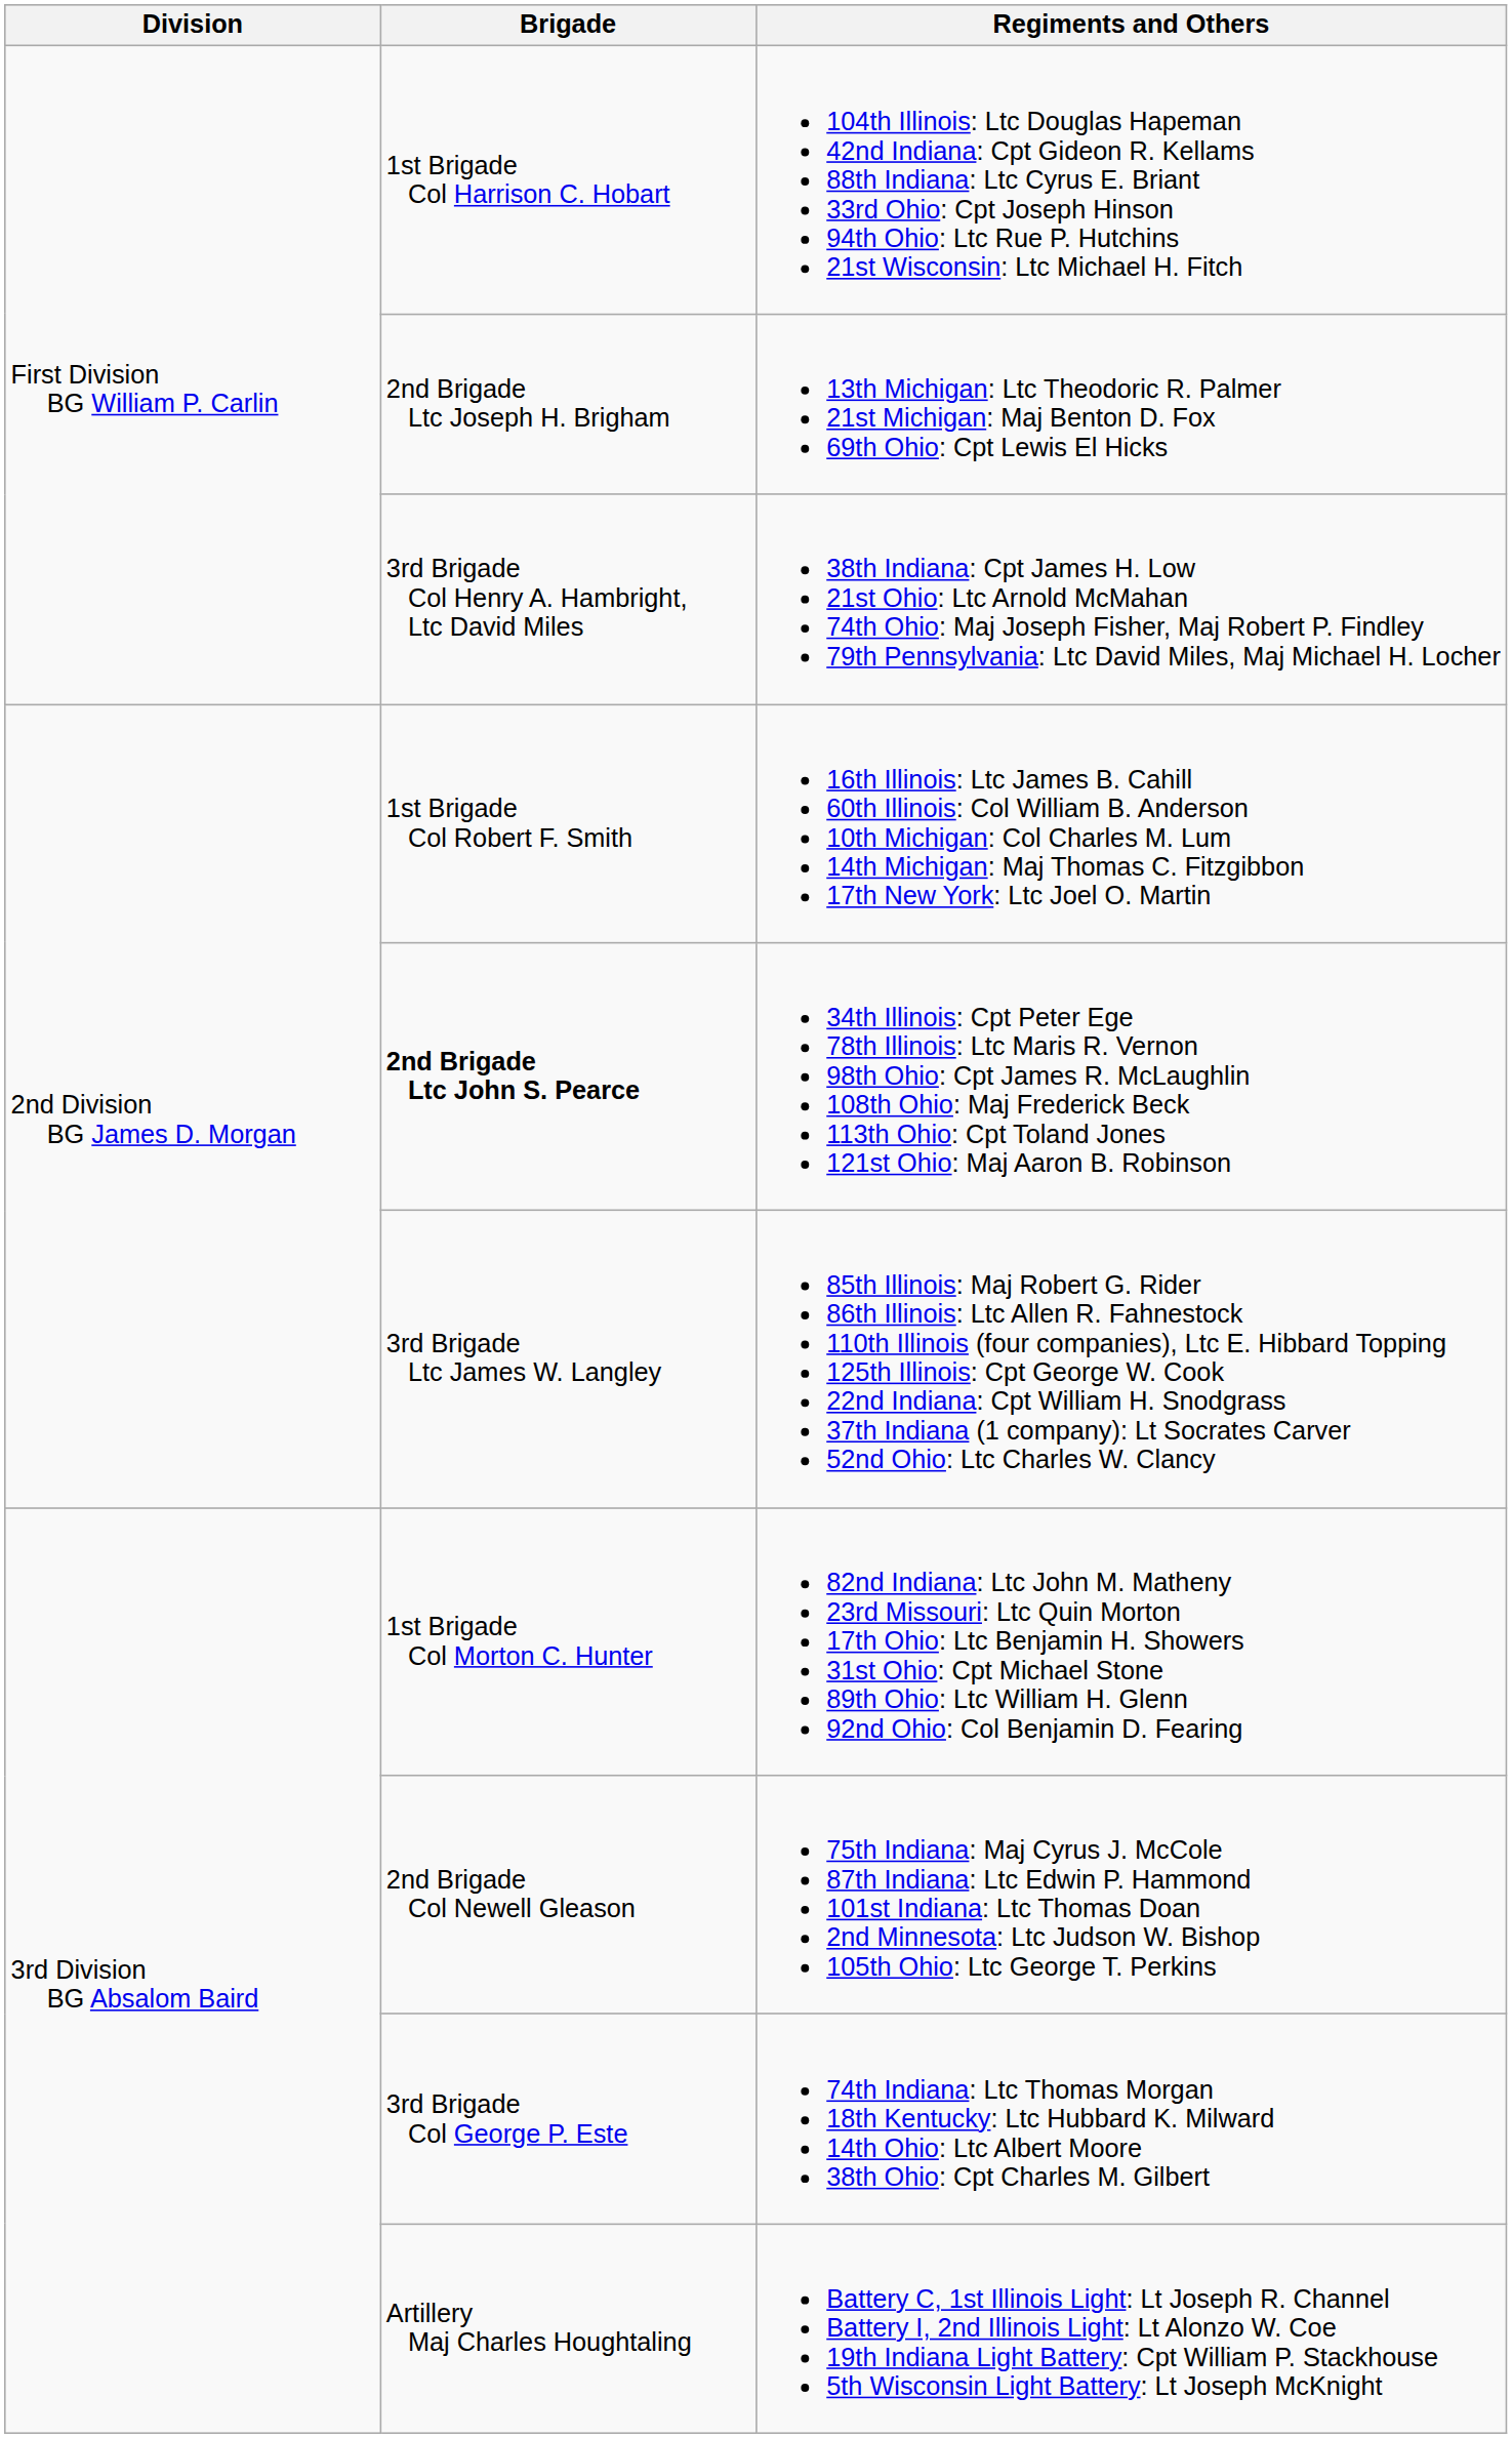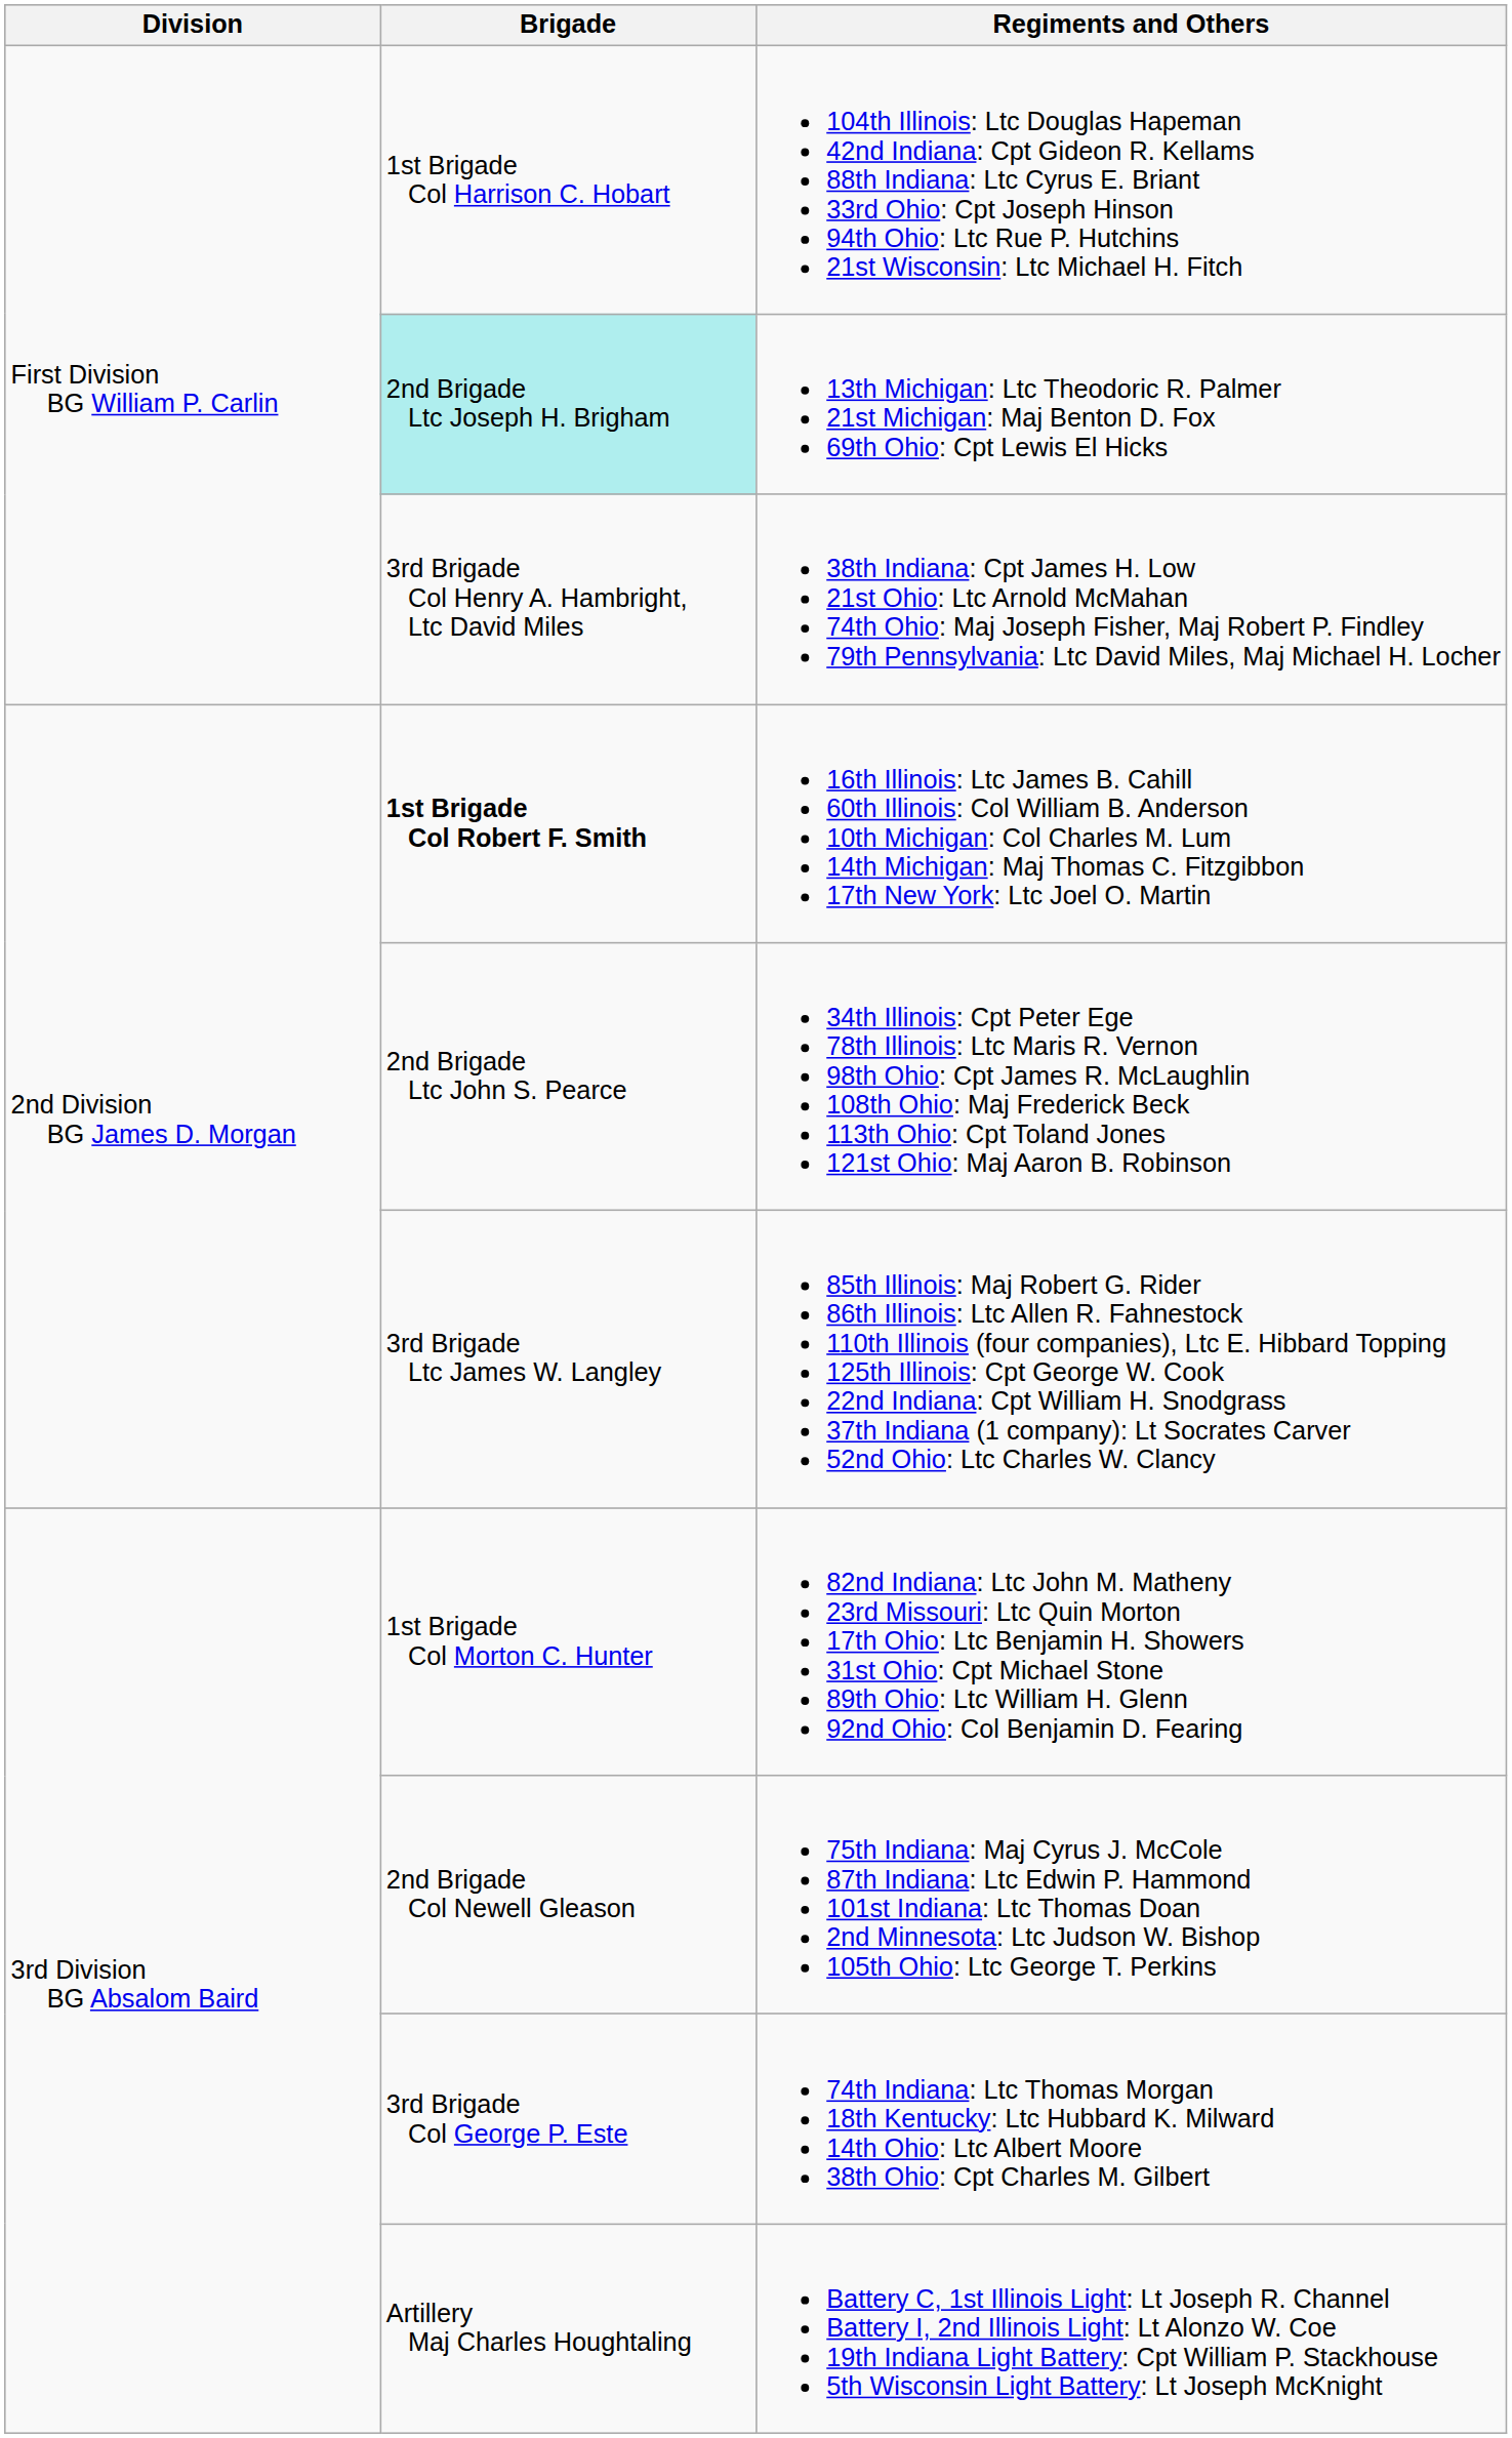 <table class="wikitable">
 <tr>
 <th width=25%>Division</th>
 <th width=25%>Brigade</th>
 <th>Regiments and Others</th>
 </tr>
 <tr>
 <td rowspan=3><br>First Division <br>     BG <a href='#'>William P. Carlin</a></td>
 <td>1st Brigade<br>   Col <a href='#'>Harrison C. Hobart</a></td>
 <td><br><ul><li><a href='#'>104th Illinois</a>:  Ltc Douglas Hapeman</li><li><a href='#'>42nd Indiana</a>: Cpt Gideon R. Kellams</li><li><a href='#'>88th Indiana</a>: Ltc Cyrus E. Briant</li><li><a href='#'>33rd Ohio</a>: Cpt Joseph Hinson</li><li><a href='#'>94th Ohio</a>: Ltc Rue P. Hutchins</li><li><a href='#'>21st Wisconsin</a>: Ltc Michael H. Fitch</li></ul></td>
 </tr>
 <tr>
-<td>2nd Brigade<br>   Ltc Joseph H. Brigham</td>
+<td style="background: paleturquoise;">2nd Brigade<br>   Ltc Joseph H. Brigham</td>
 <td><br><ul><li><a href='#'>13th Michigan</a>: Ltc Theodoric R. Palmer</li><li><a href='#'>21st Michigan</a>: Maj Benton D. Fox</li><li><a href='#'>69th Ohio</a>: Cpt Lewis El Hicks</li></ul></td>
 </tr>
 <tr>
 <td>3rd Brigade<br>   Col Henry A. Hambright,<br>   Ltc David Miles</td>
 <td><br><ul><li><a href='#'>38th Indiana</a>: Cpt James H. Low</li><li><a href='#'>21st Ohio</a>: Ltc Arnold McMahan</li><li><a href='#'>74th Ohio</a>: Maj Joseph Fisher, Maj Robert P. Findley</li><li><a href='#'>79th Pennsylvania</a>: Ltc David Miles, Maj Michael H. Locher</li></ul></td>
 </tr>
 <tr>
 <td rowspan="3"><br>2nd Division <br>     BG <a href='#'>James D. Morgan</a><br></td>
-<td>1st Brigade<br>   Col Robert F. Smith</td>
+<td><strong>1st Brigade<br>   Col Robert F. Smith</strong></td>
 <td><br><ul><li><a href='#'>16th Illinois</a>: Ltc James B. Cahill</li><li><a href='#'>60th Illinois</a>: Col William B. Anderson</li><li><a href='#'>10th Michigan</a>: Col Charles M. Lum</li><li><a href='#'>14th Michigan</a>: Maj Thomas C. Fitzgibbon</li><li><a href='#'>17th New York</a>:  Ltc Joel O. Martin</li></ul></td>
 </tr>
 <tr>
-<td><strong>2nd Brigade<br>   Ltc John S. Pearce</strong></td>
+<td>2nd Brigade<br>   Ltc John S. Pearce</td>
 <td><br><ul><li><a href='#'>34th Illinois</a>: Cpt Peter Ege</li><li><a href='#'>78th Illinois</a>: Ltc Maris R. Vernon</li><li><a href='#'>98th Ohio</a>: Cpt James R. McLaughlin</li><li><a href='#'>108th Ohio</a>:  Maj Frederick Beck</li><li><a href='#'>113th Ohio</a>: Cpt Toland Jones</li><li><a href='#'>121st Ohio</a>: Maj Aaron B. Robinson</li></ul></td>
 </tr>
 <tr>
 <td>3rd Brigade<br>   Ltc James W. Langley</td>
 <td><br><ul><li><a href='#'>85th Illinois</a>: Maj Robert G. Rider</li><li><a href='#'>86th Illinois</a>: Ltc Allen R. Fahnestock</li><li><a href='#'>110th Illinois</a> (four companies), Ltc E. Hibbard Topping</li><li><a href='#'>125th Illinois</a>: Cpt George W. Cook</li><li><a href='#'>22nd Indiana</a>: Cpt William H. Snodgrass</li><li><a href='#'>37th Indiana</a> (1 company): Lt Socrates Carver</li><li><a href='#'>52nd Ohio</a>: Ltc Charles W. Clancy</li></ul></td>
 </tr>
 <tr>
 <td rowspan=4><br>3rd Division <br>     BG <a href='#'>Absalom Baird</a></td>
 <td>1st Brigade<br>   Col <a href='#'>Morton C. Hunter</a></td>
 <td><br><ul><li><a href='#'>82nd Indiana</a>: Ltc John M. Matheny</li><li><a href='#'>23rd Missouri</a>: Ltc Quin Morton</li><li><a href='#'>17th Ohio</a>: Ltc Benjamin H. Showers</li><li><a href='#'>31st Ohio</a>: Cpt Michael Stone</li><li><a href='#'>89th Ohio</a>: Ltc William H. Glenn</li><li><a href='#'>92nd Ohio</a>: Col Benjamin D. Fearing</li></ul></td>
 </tr>
 <tr>
 <td>2nd Brigade<br>   Col Newell Gleason</td>
 <td><br><ul><li><a href='#'>75th Indiana</a>: Maj Cyrus J. McCole</li><li><a href='#'>87th Indiana</a>: Ltc Edwin P. Hammond</li><li><a href='#'>101st Indiana</a>: Ltc Thomas Doan</li><li><a href='#'>2nd Minnesota</a>: Ltc Judson W. Bishop</li><li><a href='#'>105th Ohio</a>: Ltc George T. Perkins</li></ul></td>
 </tr>
 <tr>
 <td>3rd Brigade<br>   Col <a href='#'>George P. Este</a></td>
 <td><br><ul><li><a href='#'>74th Indiana</a>: Ltc Thomas Morgan</li><li><a href='#'>18th Kentucky</a>: Ltc Hubbard K. Milward</li><li><a href='#'>14th Ohio</a>: Ltc Albert Moore</li><li><a href='#'>38th Ohio</a>: Cpt Charles M. Gilbert</li></ul></td>
 </tr>
 <tr>
 <td>Artillery<br>   Maj Charles Houghtaling</td>
 <td><br><ul><li><a href='#'>Battery C, 1st Illinois Light</a>: Lt Joseph R. Channel</li><li><a href='#'>Battery I, 2nd Illinois Light</a>: Lt Alonzo W. Coe</li><li><a href='#'>19th Indiana Light Battery</a>: Cpt William P. Stackhouse</li><li><a href='#'>5th Wisconsin Light Battery</a>: Lt Joseph McKnight</li></ul></td>
 </tr>
 </table>
